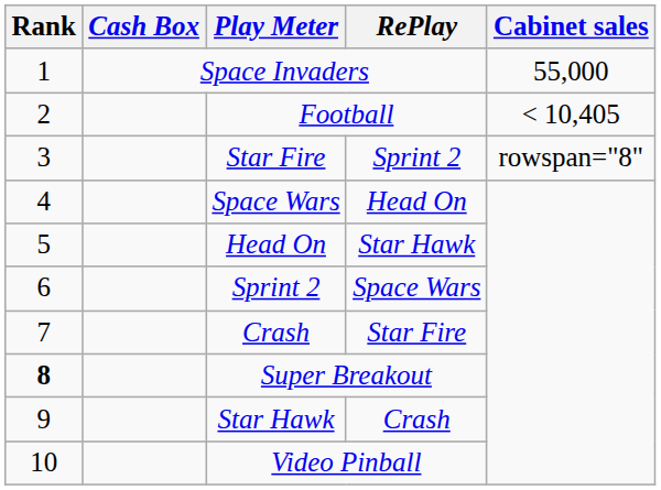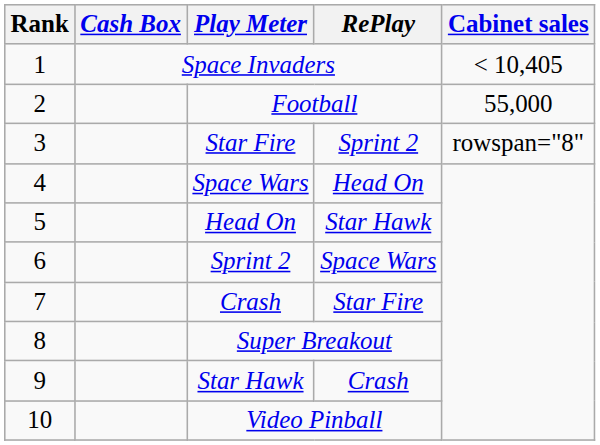 <table class="wikitable sortable" style="text-align:center">
 <tr>
 <th>Rank</th>
 <th><em><a href='#'>Cash Box</a></em></th>
 <th><em><a href='#'>Play Meter</a></em></th>
 <th><em>RePlay</em></th>
 <th><a href='#'>Cabinet sales</a></th>
 </tr>
 <tr>
 <td>1</td>
 <td colspan="3"><em><a href='#'>Space Invaders</a></em></td>
-<td>55,000</td>
+<td>< 10,405</td>
 </tr>
 <tr>
 <td>2</td>
 <td></td>
 <td colspan="2"><em><a href='#'>Football</a></em></td>
-<td>< 10,405</td>
+<td>55,000</td>
 </tr>
 <tr>
 <td>3</td>
 <td></td>
 <td><em><a href='#'>Star Fire</a></em></td>
 <td><em><a href='#'>Sprint 2</a></em></td>
 <td>rowspan="8" </td>
 </tr>
 <tr>
 <td>4</td>
 <td></td>
 <td><em><a href='#'>Space Wars</a></em></td>
 <td><em><a href='#'>Head On</a></em></td>
 </tr>
 <tr>
 <td>5</td>
 <td></td>
 <td><em><a href='#'>Head On</a></em></td>
 <td><em><a href='#'>Star Hawk</a></em></td>
 </tr>
 <tr>
 <td>6</td>
 <td></td>
 <td><em><a href='#'>Sprint 2</a></em></td>
 <td><em><a href='#'>Space Wars</a></em></td>
 </tr>
 <tr>
 <td>7</td>
 <td></td>
 <td><em><a href='#'>Crash</a></em></td>
 <td><em><a href='#'>Star Fire</a></em></td>
 </tr>
 <tr>
-<td><strong>8</strong></td>
+<td>8</td>
 <td></td>
 <td colspan="2"><em><a href='#'>Super Breakout</a></em></td>
 </tr>
 <tr>
 <td>9</td>
 <td></td>
 <td><em><a href='#'>Star Hawk</a></em></td>
 <td><em><a href='#'>Crash</a></em></td>
 </tr>
 <tr>
 <td>10</td>
 <td></td>
 <td colspan="2"><em><a href='#'>Video Pinball</a></em></td>
 </tr>
 </table>
